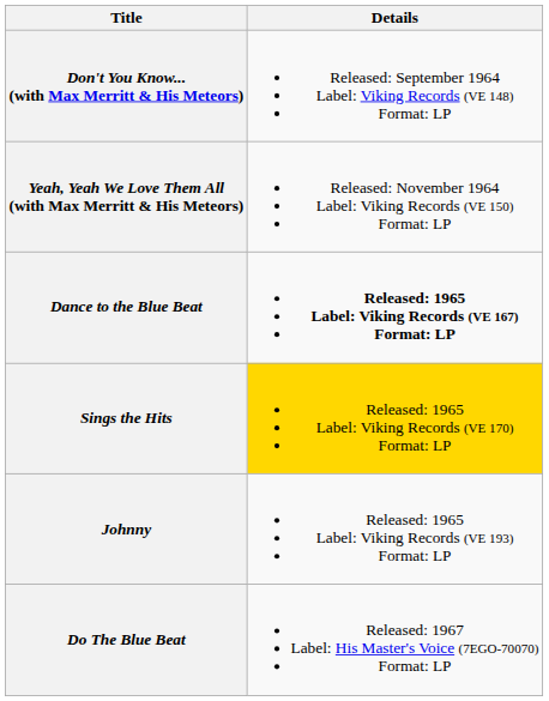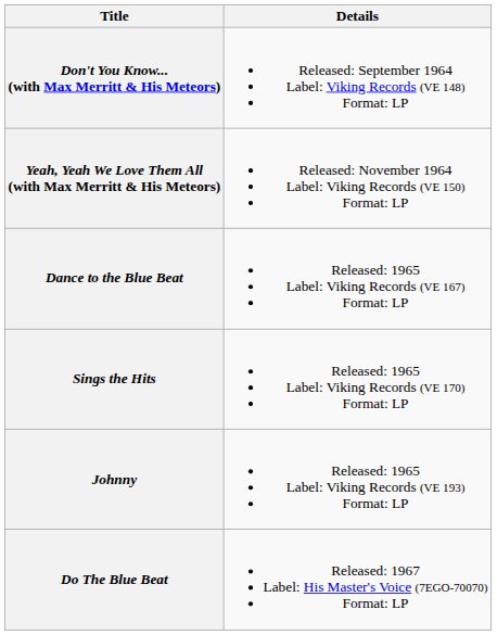 <table class="wikitable plainrowheaders" style="text-align:center;" border="1">
 <tr>
 <th>Title</th>
 <th>Details</th>
 </tr>
 <tr>
 <th scope="row"><em>Don't You Know...</em> <br>(with <a href='#'>Max Merritt & His Meteors</a>)</th>
 <td><br><ul><li>Released: September 1964</li><li>Label: <a href='#'>Viking Records</a> <small>(VE 148)</small></li><li>Format: LP</li></ul></td>
 </tr>
 <tr>
 <th scope="row"><em>Yeah, Yeah We Love Them All</em> <br>(with Max Merritt & His Meteors)</th>
 <td><br><ul><li>Released: November 1964</li><li>Label: Viking Records <small>(VE 150)</small></li><li>Format: LP</li></ul></td>
 </tr>
 <tr>
 <th scope="row"><em>Dance to the Blue Beat</em></th>
-<td><strong><br><ul><li>Released: 1965</li><li>Label: Viking Records <small>(VE 167)</small></li><li>Format: LP</li></ul></strong></td>
+<td><br><ul><li>Released: 1965</li><li>Label: Viking Records <small>(VE 167)</small></li><li>Format: LP</li></ul></td>
 </tr>
 <tr>
 <th scope="row"><em>Sings the Hits</em></th>
-<td style="background: gold;"><br><ul><li>Released: 1965</li><li>Label: Viking Records <small>(VE 170)</small></li><li>Format: LP</li></ul></td>
+<td><br><ul><li>Released: 1965</li><li>Label: Viking Records <small>(VE 170)</small></li><li>Format: LP</li></ul></td>
 </tr>
 <tr>
 <th scope="row"><em>Johnny</em></th>
 <td><br><ul><li>Released: 1965</li><li>Label: Viking Records <small>(VE 193)</small></li><li>Format: LP</li></ul></td>
 </tr>
 <tr>
 <th scope="row"><em>Do The Blue Beat </em></th>
 <td><br><ul><li>Released: 1967</li><li>Label: <a href='#'>His Master's Voice</a> <small>(7EGO-70070)</small></li><li>Format: LP</li></ul></td>
 </tr>
 </table>
